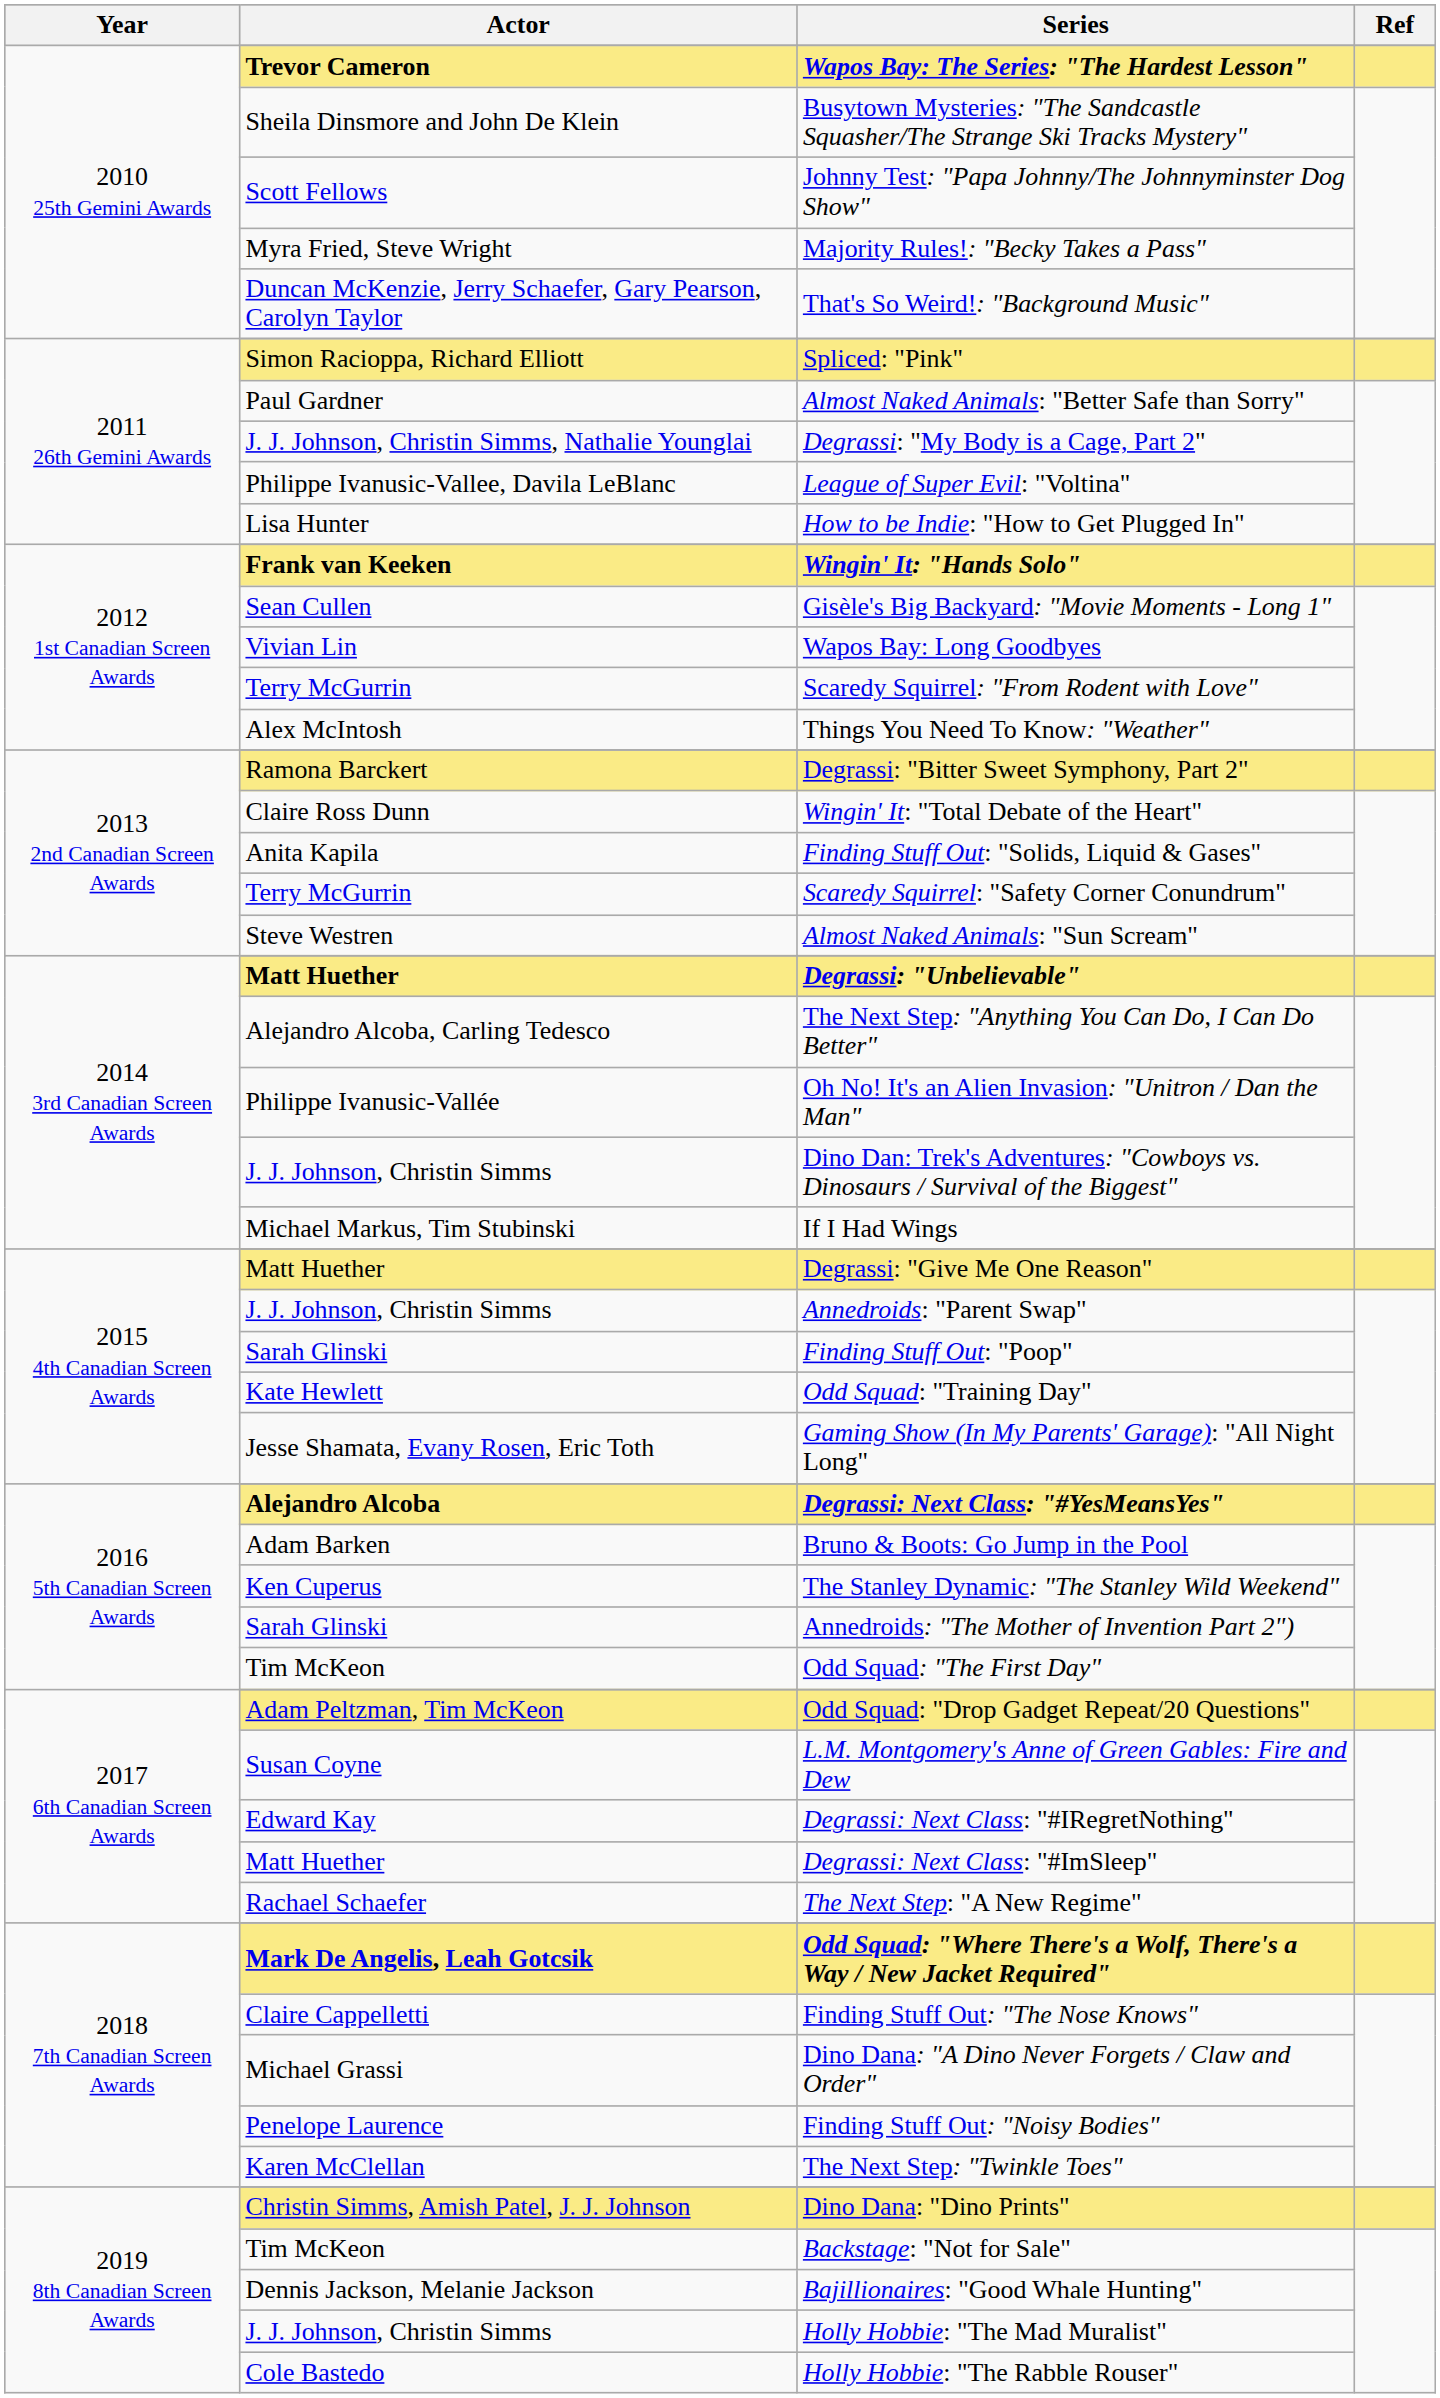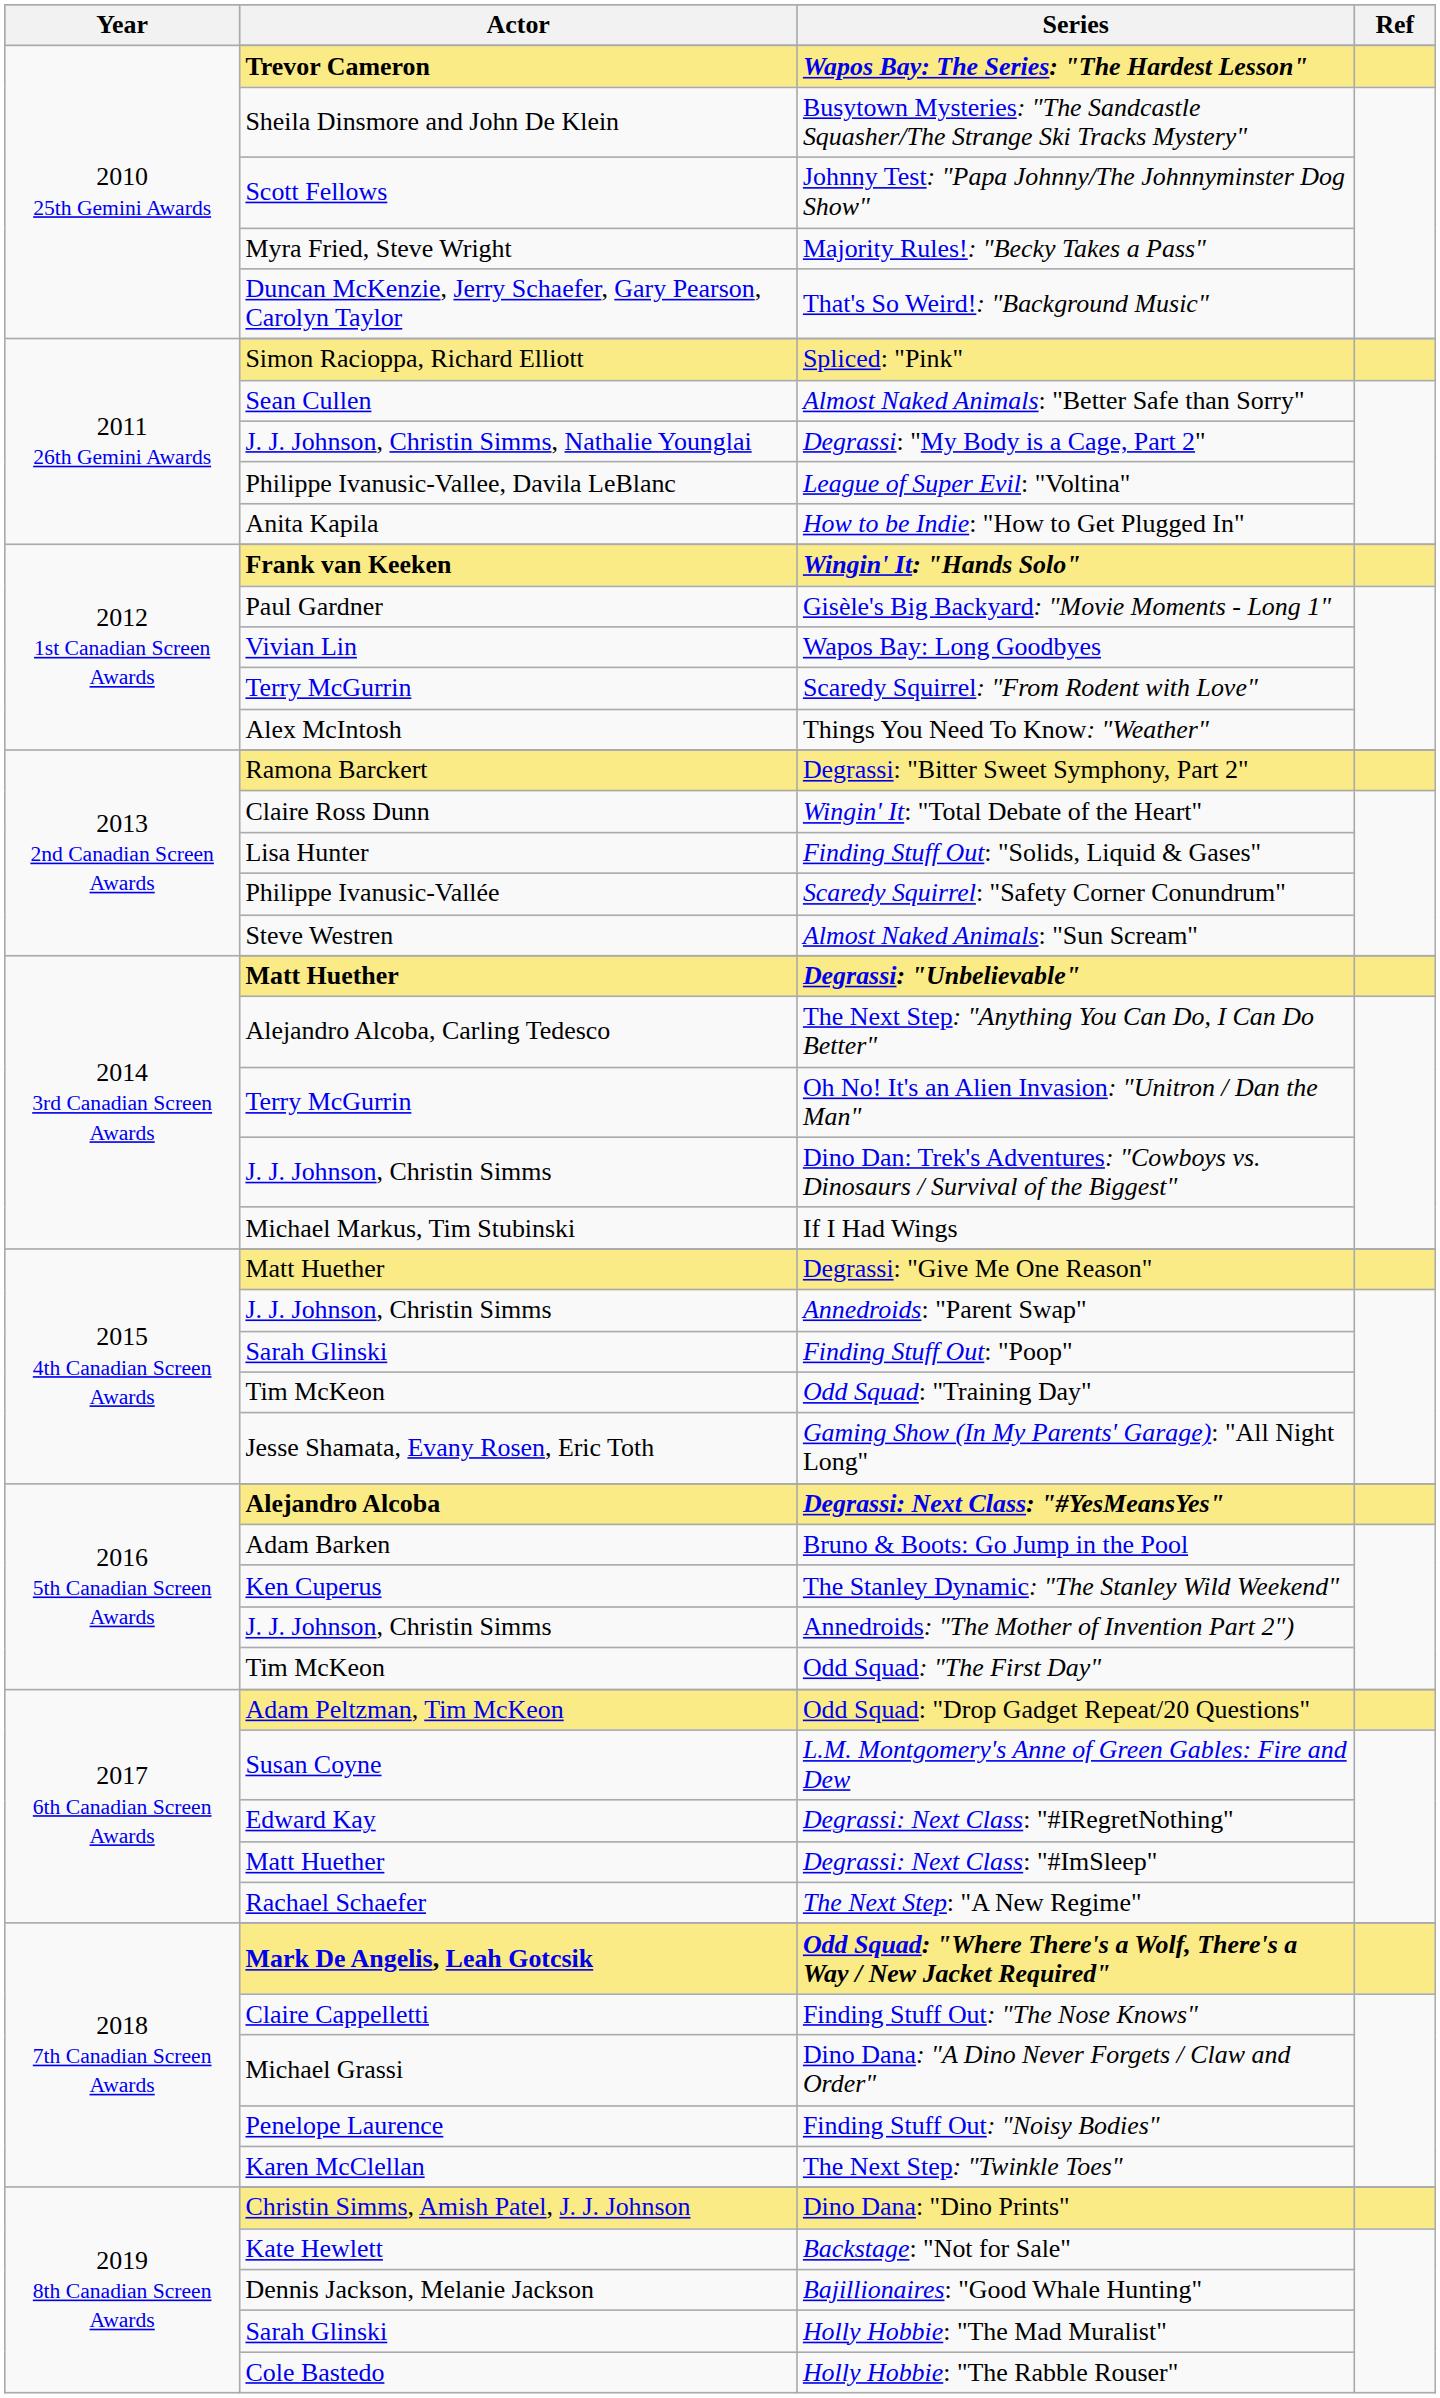 <table class="wikitable" style="width:100%;">
 <tr style="background:#bebebe;">
 <th style="width:8%;">Year</th>
 <th style="width:19%;">Actor</th>
 <th style="width:19%;">Series</th>
 <th style="width:2%;">Ref</th>
 </tr>
 <tr>
 <td rowspan="6" align="center">2010 <br> <small><a href='#'>25th Gemini Awards</a></small></td>
 </tr>
 <tr style="background:#FAEB86;">
 <td><strong>Trevor Cameron</strong></td>
 <td><strong><em><a href='#'>Wapos Bay: The Series</a><em>: "The Hardest Lesson"<strong></td>
 <td></td>
 </tr>
 <tr>
 <td>Sheila Dinsmore and John De Klein</td>
 <td></em><a href='#'>Busytown Mysteries</a><em>: "The Sandcastle Squasher/The Strange Ski Tracks Mystery"</td>
 <td rowspan=4></td>
 </tr>
 <tr>
 <td><a href='#'>Scott Fellows</a></td>
 <td></em><a href='#'>Johnny Test</a><em>: "Papa Johnny/The Johnnyminster Dog Show"</td>
 </tr>
 <tr>
 <td>Myra Fried, Steve Wright</td>
 <td></em><a href='#'>Majority Rules!</a><em>: "Becky Takes a Pass"</td>
 </tr>
 <tr>
 <td><a href='#'>Duncan McKenzie</a>, <a href='#'>Jerry Schaefer</a>, <a href='#'>Gary Pearson</a>, <a href='#'>Carolyn Taylor</a></td>
 <td></em><a href='#'>That's So Weird!</a><em>: "Background Music"</td>
 </tr>
 <tr>
 <td rowspan="6" align="center">2011 <br> <small><a href='#'>26th Gemini Awards</a></small></td>
 </tr>
 <tr style="background:#FAEB86;">
 <td></strong>Simon Racioppa, Richard Elliott<strong></td>
 <td></em></strong><a href='#'>Spliced</a></em>: "Pink"</strong></td>
 <td></td>
 </tr>
 <tr>
-<td>Paul Gardner</td>
+<td><a href='#'>Sean Cullen</a></td>
 <td><em><a href='#'>Almost Naked Animals</a></em>: "Better Safe than Sorry"</td>
 <td rowspan=4></td>
 </tr>
 <tr>
 <td><a href='#'>J. J. Johnson</a>, <a href='#'>Christin Simms</a>, <a href='#'>Nathalie Younglai</a></td>
 <td><em><a href='#'>Degrassi</a></em>: "<a href='#'>My Body is a Cage, Part 2</a>"</td>
 </tr>
 <tr>
 <td>Philippe Ivanusic-Vallee, Davila LeBlanc</td>
 <td><em><a href='#'>League of Super Evil</a></em>: "Voltina"</td>
 </tr>
 <tr>
-<td>Lisa Hunter</td>
+<td>Anita Kapila</td>
 <td><em><a href='#'>How to be Indie</a></em>: "How to Get Plugged In"</td>
 </tr>
 <tr>
 <td rowspan="6" align="center">2012 <br> <small><a href='#'>1st Canadian Screen Awards</a></small></td>
 </tr>
 <tr style="background:#FAEB86;">
 <td><strong>Frank van Keeken</strong></td>
 <td><strong><em><a href='#'>Wingin' It</a><em>: "Hands Solo"<strong></td>
 <td></td>
 </tr>
 <tr>
-<td><a href='#'>Sean Cullen</a></td>
+<td>Paul Gardner</td>
 <td></em><a href='#'>Gisèle's Big Backyard</a><em>: "Movie Moments - Long 1"</td>
 <td rowspan=4></td>
 </tr>
 <tr>
 <td><a href='#'>Vivian Lin</a></td>
 <td></em><a href='#'>Wapos Bay: Long Goodbyes</a><em></td>
 </tr>
 <tr>
 <td><a href='#'>Terry McGurrin</a></td>
 <td></em><a href='#'>Scaredy Squirrel</a><em>: "From Rodent with Love"</td>
 </tr>
 <tr>
 <td>Alex McIntosh</td>
 <td></em>Things You Need To Know<em>: "Weather"</td>
 </tr>
 <tr>
 <td rowspan="6" align="center">2013 <br> <small><a href='#'>2nd Canadian Screen Awards</a></small></td>
 </tr>
 <tr style="background:#FAEB86;">
 <td></strong>Ramona Barckert<strong></td>
 <td></em></strong><a href='#'>Degrassi</a></em>: "Bitter Sweet Symphony, Part 2"</strong></td>
 <td></td>
 </tr>
 <tr>
 <td>Claire Ross Dunn</td>
 <td><em><a href='#'>Wingin' It</a></em>: "Total Debate of the Heart"</td>
 <td rowspan=4></td>
 </tr>
 <tr>
-<td>Anita Kapila</td>
+<td>Lisa Hunter</td>
 <td><em><a href='#'>Finding Stuff Out</a></em>: "Solids, Liquid & Gases"</td>
 </tr>
 <tr>
-<td><a href='#'>Terry McGurrin</a></td>
+<td>Philippe Ivanusic-Vallée</td>
 <td><em><a href='#'>Scaredy Squirrel</a></em>: "Safety Corner Conundrum"</td>
 </tr>
 <tr>
 <td>Steve Westren</td>
 <td><em><a href='#'>Almost Naked Animals</a></em>: "Sun Scream"</td>
 </tr>
 <tr>
 <td rowspan="6" align="center">2014 <br> <small><a href='#'>3rd Canadian Screen Awards</a></small></td>
 </tr>
 <tr style="background:#FAEB86;">
 <td><strong>Matt Huether</strong></td>
 <td><strong><em><a href='#'>Degrassi</a><em>: "Unbelievable"<strong></td>
 <td></td>
 </tr>
 <tr>
 <td>Alejandro Alcoba, Carling Tedesco</td>
 <td></em><a href='#'>The Next Step</a><em>: "Anything You Can Do, I Can Do Better"</td>
 <td rowspan=4></td>
 </tr>
 <tr>
-<td>Philippe Ivanusic-Vallée</td>
+<td><a href='#'>Terry McGurrin</a></td>
 <td></em><a href='#'>Oh No! It's an Alien Invasion</a><em>: "Unitron / Dan the Man"</td>
 </tr>
 <tr>
 <td><a href='#'>J. J. Johnson</a>, Christin Simms</td>
 <td></em><a href='#'>Dino Dan: Trek's Adventures</a><em>: "Cowboys vs. Dinosaurs / Survival of the Biggest"</td>
 </tr>
 <tr>
 <td>Michael Markus, Tim Stubinski</td>
 <td></em>If I Had Wings<em></td>
 </tr>
 <tr>
 <td rowspan="6" align="center">2015 <br> <small><a href='#'>4th Canadian Screen Awards</a></small></td>
 </tr>
 <tr style="background:#FAEB86;">
 <td></strong>Matt Huether<strong></td>
 <td></em></strong><a href='#'>Degrassi</a></em>: "Give Me One Reason"</strong></td>
 <td></td>
 </tr>
 <tr>
 <td><a href='#'>J. J. Johnson</a>, Christin Simms</td>
 <td><em><a href='#'>Annedroids</a></em>: "Parent Swap"</td>
 <td rowspan=4></td>
 </tr>
 <tr>
 <td><a href='#'>Sarah Glinski</a></td>
 <td><em><a href='#'>Finding Stuff Out</a></em>: "Poop"</td>
 </tr>
 <tr>
-<td><a href='#'>Kate Hewlett</a></td>
+<td>Tim McKeon</td>
 <td><em><a href='#'>Odd Squad</a></em>: "Training Day"</td>
 </tr>
 <tr>
 <td>Jesse Shamata, <a href='#'>Evany Rosen</a>, Eric Toth</td>
 <td><em><a href='#'>Gaming Show (In My Parents' Garage)</a></em>: "All Night Long"</td>
 </tr>
 <tr>
 <td rowspan="6" align="center">2016 <br> <small><a href='#'>5th Canadian Screen Awards</a></small></td>
 </tr>
 <tr style="background:#FAEB86;">
 <td><strong>Alejandro Alcoba</strong></td>
 <td><strong><em><a href='#'>Degrassi: Next Class</a><em>: "#YesMeansYes"<strong></td>
 <td></td>
 </tr>
 <tr>
 <td>Adam Barken</td>
 <td></em><a href='#'>Bruno & Boots: Go Jump in the Pool</a><em></td>
 <td rowspan=4></td>
 </tr>
 <tr>
 <td><a href='#'>Ken Cuperus</a></td>
 <td></em><a href='#'>The Stanley Dynamic</a><em>: "The Stanley Wild Weekend"</td>
 </tr>
 <tr>
-<td><a href='#'>Sarah Glinski</a></td>
+<td><a href='#'>J. J. Johnson</a>, Christin Simms</td>
 <td></em><a href='#'>Annedroids</a><em>: "The Mother of Invention Part 2")</td>
 </tr>
 <tr>
 <td>Tim McKeon</td>
 <td></em><a href='#'>Odd Squad</a><em>: "The First Day"</td>
 </tr>
 <tr>
 <td rowspan="6" align="center">2017 <br> <small><a href='#'>6th Canadian Screen Awards</a></small></td>
 </tr>
 <tr style="background:#FAEB86;">
 <td></strong><a href='#'>Adam Peltzman</a>, <a href='#'>Tim McKeon</a><strong></td>
 <td></em></strong><a href='#'>Odd Squad</a></em>: "Drop Gadget Repeat/20 Questions"</strong></td>
 <td></td>
 </tr>
 <tr>
 <td><a href='#'>Susan Coyne</a></td>
 <td><em><a href='#'>L.M. Montgomery's Anne of Green Gables: Fire and Dew</a></em></td>
 <td rowspan=4></td>
 </tr>
 <tr>
 <td><a href='#'>Edward Kay</a></td>
 <td><em><a href='#'>Degrassi: Next Class</a></em>: "#IRegretNothing"</td>
 </tr>
 <tr>
 <td><a href='#'>Matt Huether</a></td>
 <td><em><a href='#'>Degrassi: Next Class</a></em>: "#ImSleep"</td>
 </tr>
 <tr>
 <td><a href='#'>Rachael Schaefer</a></td>
 <td><em><a href='#'>The Next Step</a></em>: "A New Regime"</td>
 </tr>
 <tr>
 <td rowspan="6" align="center">2018 <br> <small><a href='#'>7th Canadian Screen Awards</a></small></td>
 </tr>
 <tr style="background:#FAEB86;">
 <td><strong><a href='#'>Mark De Angelis</a>, <a href='#'>Leah Gotcsik</a></strong></td>
 <td><strong><em><a href='#'>Odd Squad</a><em>: "Where There's a Wolf, There's a Way / New Jacket Required"<strong></td>
 <td></td>
 </tr>
 <tr>
 <td><a href='#'>Claire Cappelletti</a></td>
 <td></em><a href='#'>Finding Stuff Out</a><em>: "The Nose Knows"</td>
 <td rowspan=4></td>
 </tr>
 <tr>
 <td>Michael Grassi</td>
 <td></em><a href='#'>Dino Dana</a><em>: "A Dino Never Forgets / Claw and Order"</td>
 </tr>
 <tr>
 <td><a href='#'>Penelope Laurence</a></td>
 <td></em><a href='#'>Finding Stuff Out</a><em>: "Noisy Bodies"</td>
 </tr>
 <tr>
 <td><a href='#'>Karen McClellan</a></td>
 <td></em><a href='#'>The Next Step</a><em>: "Twinkle Toes"</td>
 </tr>
 <tr>
 <td rowspan="6" align="center">2019 <br> <small><a href='#'>8th Canadian Screen Awards</a></small></td>
 </tr>
 <tr style="background:#FAEB86;">
 <td></strong><a href='#'>Christin Simms</a>, <a href='#'>Amish Patel</a>, <a href='#'>J. J. Johnson</a><strong></td>
 <td></em></strong><a href='#'>Dino Dana</a></em>: "Dino Prints"</strong></td>
 <td></td>
 </tr>
 <tr>
-<td>Tim McKeon</td>
+<td><a href='#'>Kate Hewlett</a></td>
 <td><em><a href='#'>Backstage</a></em>: "Not for Sale"</td>
 <td rowspan=4></td>
 </tr>
 <tr>
 <td>Dennis Jackson, Melanie Jackson</td>
 <td><em><a href='#'>Bajillionaires</a></em>: "Good Whale Hunting"</td>
 </tr>
 <tr>
-<td><a href='#'>J. J. Johnson</a>, Christin Simms</td>
+<td><a href='#'>Sarah Glinski</a></td>
 <td><em><a href='#'>Holly Hobbie</a></em>: "The Mad Muralist"</td>
 </tr>
 <tr>
 <td><a href='#'>Cole Bastedo</a></td>
 <td><em><a href='#'>Holly Hobbie</a></em>: "The Rabble Rouser"</td>
 </tr>
 </table>
